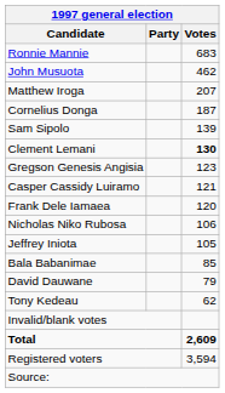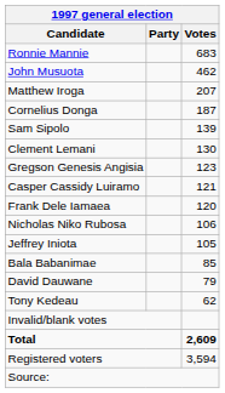 <table class=wikitable style=text-align:left>
 <tr>
 <th colspan=3><a href='#'>1997 general election</a></th>
 </tr>
 <tr>
 <th>Candidate</th>
 <th>Party</th>
 <th>Votes</th>
 </tr>
 <tr>
 <td><a href='#'>Ronnie Mannie</a></td>
 <td></td>
 <td align=right>683</td>
 </tr>
 <tr>
 <td><a href='#'>John Musuota</a></td>
 <td></td>
 <td align=right>462</td>
 </tr>
 <tr>
 <td>Matthew Iroga</td>
 <td></td>
 <td align=right>207</td>
 </tr>
 <tr>
 <td>Cornelius Donga</td>
 <td></td>
 <td align=right>187</td>
 </tr>
 <tr>
 <td>Sam Sipolo</td>
 <td></td>
 <td align=right>139</td>
 </tr>
 <tr>
 <td>Clement Lemani</td>
 <td></td>
-<td align=right><strong>130</strong></td>
+<td align=right>130</td>
 </tr>
 <tr>
 <td>Gregson Genesis Angisia</td>
 <td></td>
 <td align=right>123</td>
 </tr>
 <tr>
 <td>Casper Cassidy Luiramo</td>
 <td></td>
 <td align=right>121</td>
 </tr>
 <tr>
 <td>Frank Dele Iamaea</td>
 <td></td>
 <td align=right>120</td>
 </tr>
 <tr>
 <td>Nicholas Niko Rubosa</td>
 <td></td>
 <td align=right>106</td>
 </tr>
 <tr>
 <td>Jeffrey Iniota</td>
 <td></td>
 <td align=right>105</td>
 </tr>
 <tr>
 <td>Bala Babanimae</td>
 <td></td>
 <td align=right>85</td>
 </tr>
 <tr>
 <td>David Dauwane</td>
 <td></td>
 <td align=right>79</td>
 </tr>
 <tr>
 <td>Tony Kedeau</td>
 <td></td>
 <td align=right>62</td>
 </tr>
 <tr>
 <td colspan=2>Invalid/blank votes</td>
 <td></td>
 </tr>
 <tr>
 <td colspan=2><strong>Total</strong></td>
 <td align=right><strong>2,609</strong></td>
 </tr>
 <tr>
 <td colspan=2>Registered voters</td>
 <td align=right>3,594</td>
 </tr>
 <tr>
 <td colspan=3>Source: </td>
 </tr>
 </table>
